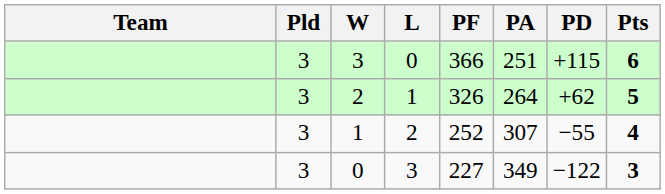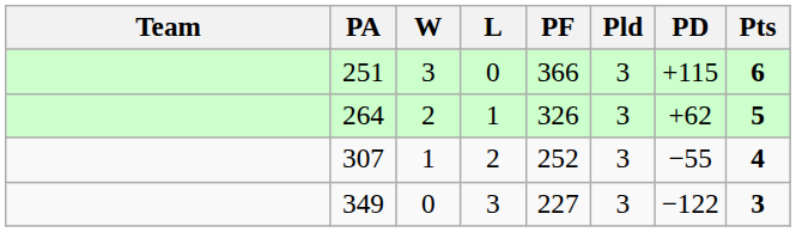 <table class=wikitable style="text-align:center">
 <tr>
 <th width=180>Team</th>
-<th width=30>Pld</th>
+<th width=30>PA</th>
 <th width=30>W</th>
 <th width=30>L</th>
 <th width=30>PF</th>
-<th width=30>PA</th>
+<th width=30>Pld</th>
 <th width=30>PD</th>
 <th width=30>Pts</th>
 </tr>
 <tr bgcolor="#ccffcc">
 <td align="left"></td>
-<td>3</td>
+<td>251</td>
 <td>3</td>
 <td>0</td>
 <td>366</td>
-<td>251</td>
+<td>3</td>
 <td>+115</td>
 <td><strong>6</strong></td>
 </tr>
 <tr bgcolor="#ccffcc">
 <td align="left"></td>
-<td>3</td>
+<td>264</td>
 <td>2</td>
 <td>1</td>
 <td>326</td>
-<td>264</td>
+<td>3</td>
 <td>+62</td>
 <td><strong>5</strong></td>
 </tr>
 <tr>
 <td align="left"></td>
-<td>3</td>
+<td>307</td>
 <td>1</td>
 <td>2</td>
 <td>252</td>
-<td>307</td>
+<td>3</td>
 <td>−55</td>
 <td><strong>4</strong></td>
 </tr>
 <tr>
 <td align="left"></td>
-<td>3</td>
+<td>349</td>
 <td>0</td>
 <td>3</td>
 <td>227</td>
-<td>349</td>
+<td>3</td>
 <td>−122</td>
 <td><strong>3</strong></td>
 </tr>
 </table>
